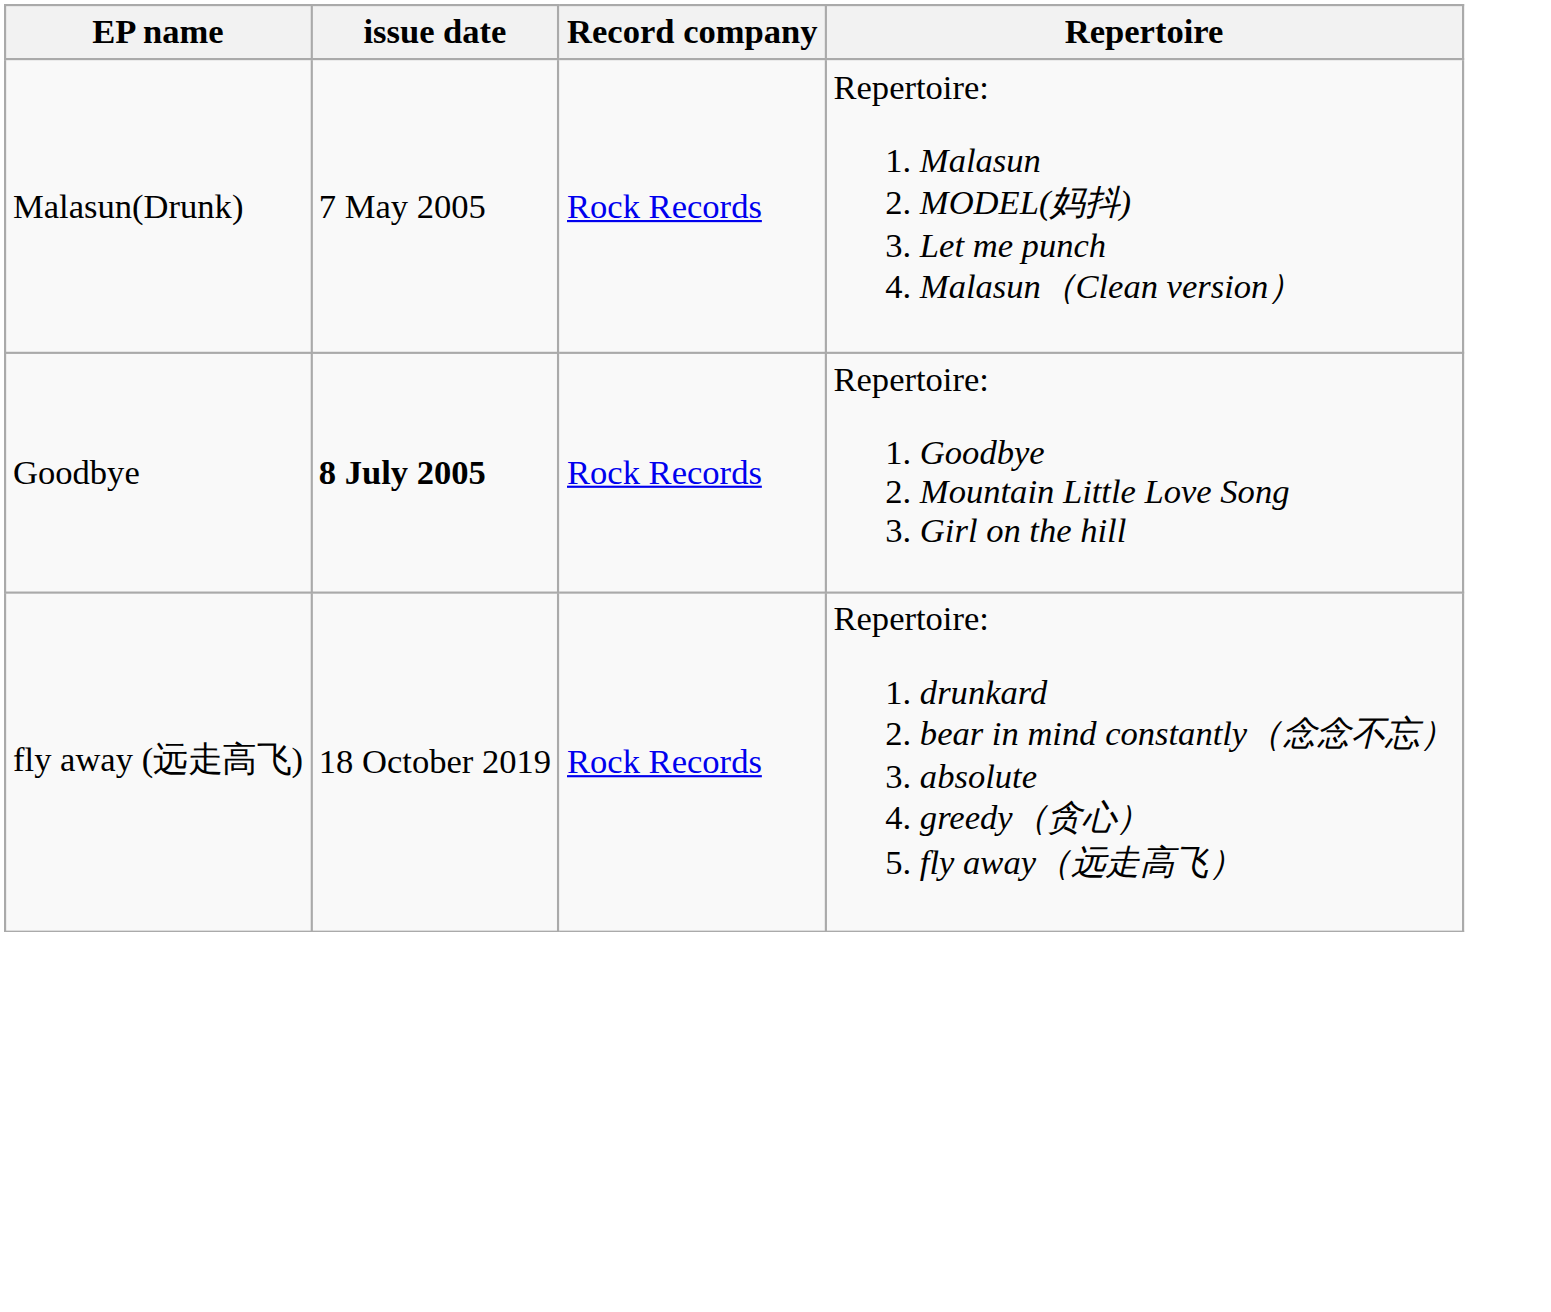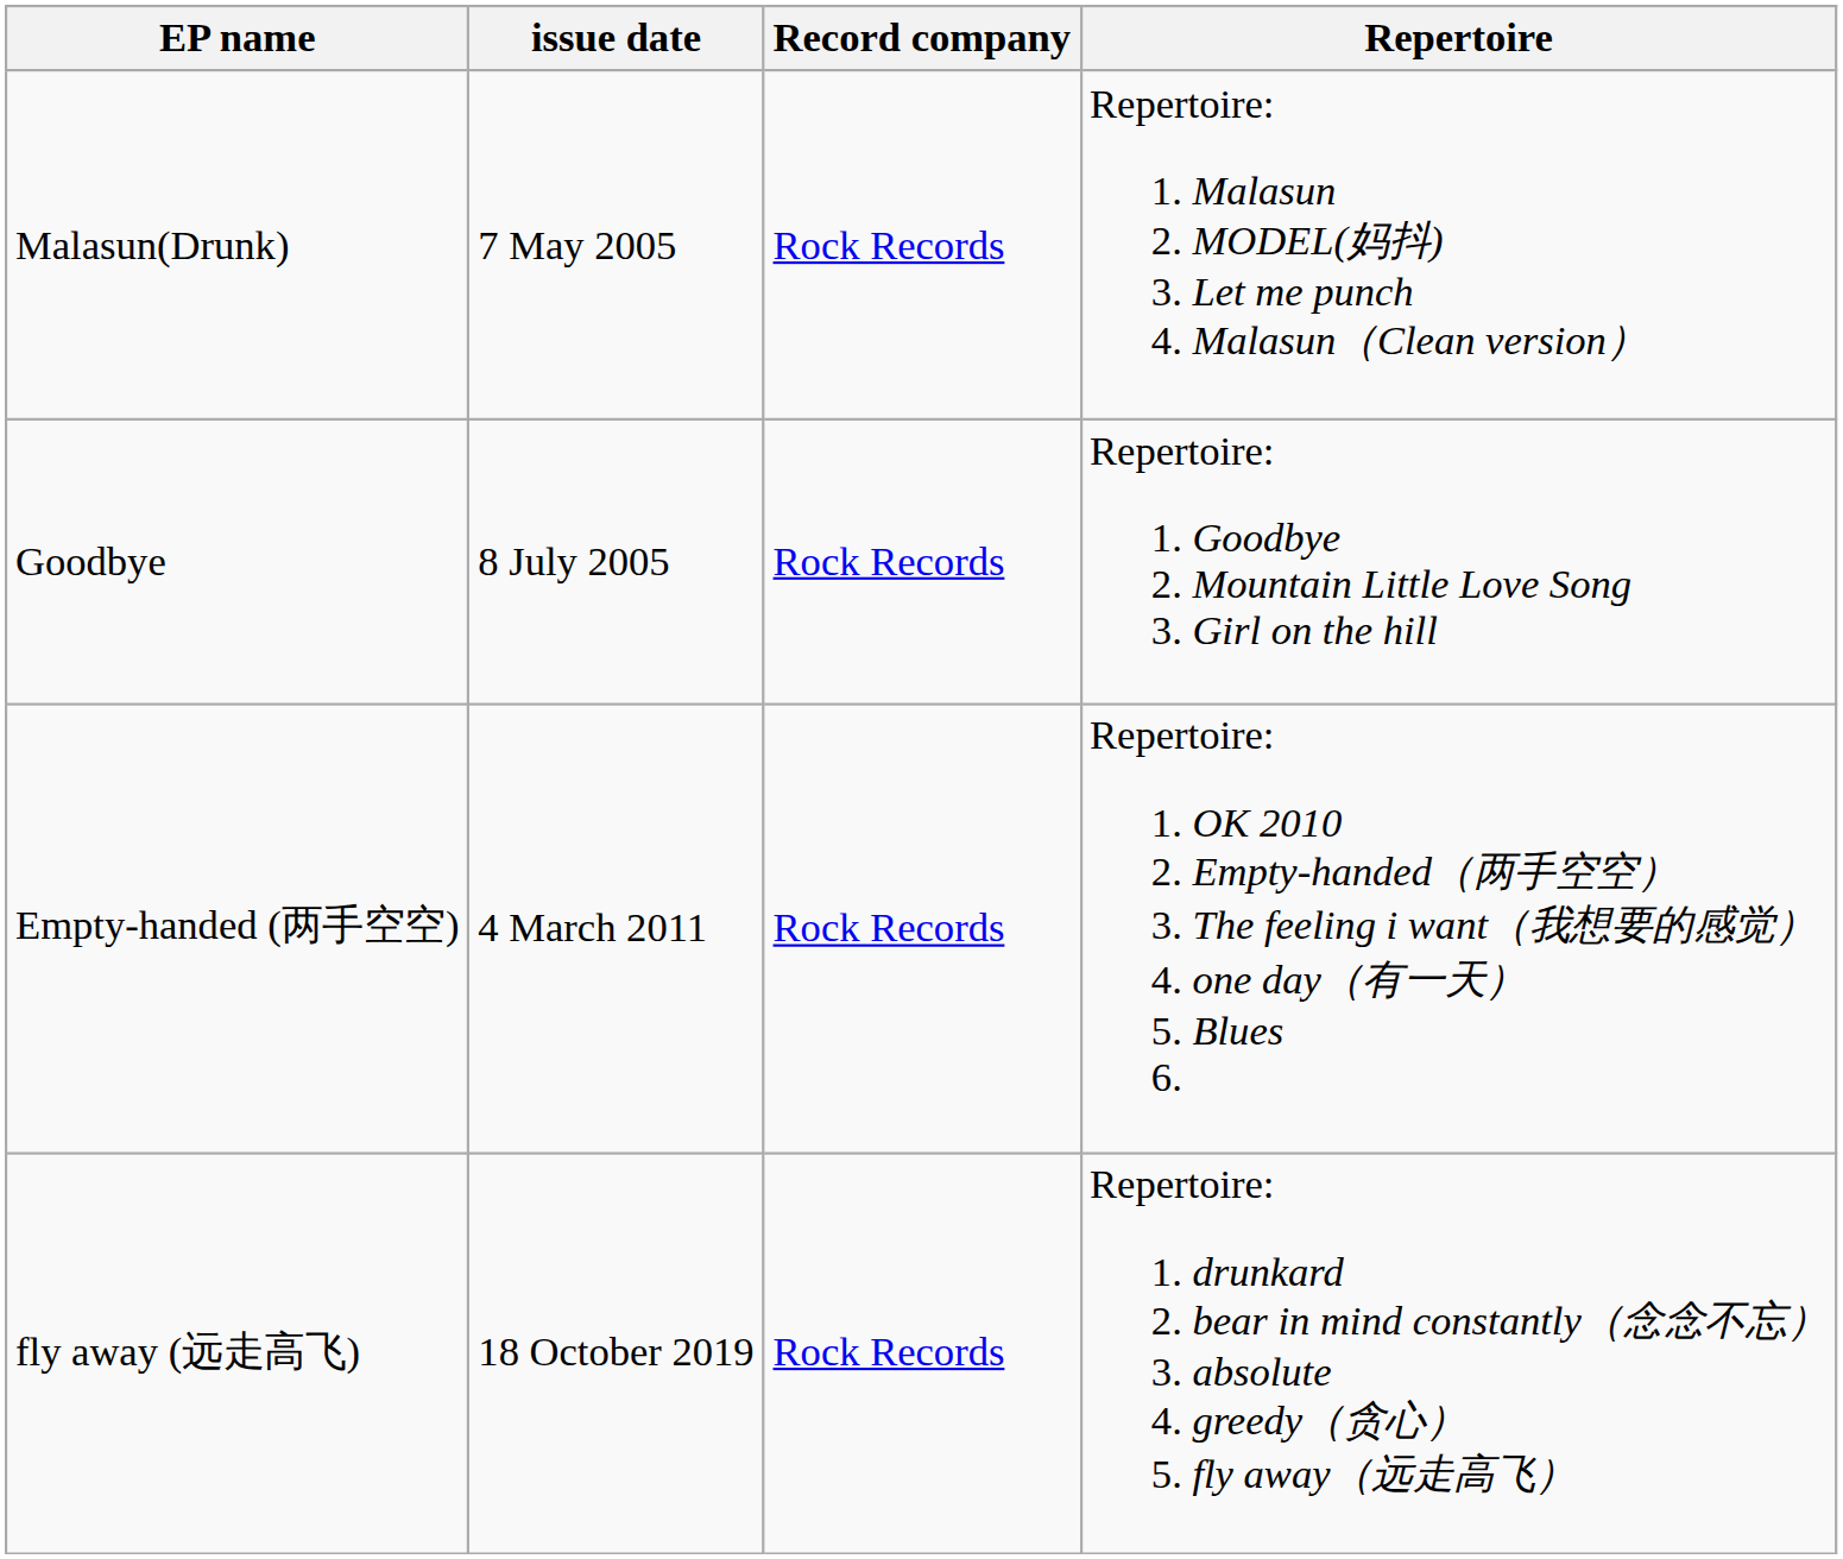 <table class="wikitable">
 <tr>
 <th>EP name</th>
 <th>issue date</th>
 <th>Record company</th>
 <th>Repertoire</th>
 </tr>
 <tr>
 <td>Malasun(Drunk)</td>
 <td>7 May 2005</td>
 <td><a href='#'>Rock Records</a></td>
 <td>Repertoire:<br><ol><li><em>Malasun</em></li><li><em>MODEL(妈抖)</em></li><li><em>Let me punch</em></li><li><em>Malasun（Clean version）</em></li></ol></td>
 </tr>
 <tr>
 <td>Goodbye</td>
-<td><strong>8 July 2005</strong></td>
+<td>8 July 2005</td>
 <td><a href='#'>Rock Records</a></td>
 <td>Repertoire:<br><ol><li><em>Goodbye</em></li><li><em>Mountain Little Love Song</em></li><li><em>Girl on the hill</em></li></ol></td>
+</tr>
+<tr>
+<td>Empty-handed (两手空空)</td>
+<td>4 March 2011</td>
+<td><a href='#'>Rock Records</a></td>
+<td>Repertoire:<br><ol><li><em>OK 2010</em></li><li><em>Empty-handed（两手空空）</em></li><li><em>The feeling i want（我想要的感觉）</em></li><li><em>one day（有一天）</em></li><li><em>Blues</em></li><li></li></ol></td>
 </tr>
 <tr>
 <td>fly away (远走高飞)</td>
 <td>18 October 2019</td>
 <td><a href='#'>Rock Records</a></td>
 <td>Repertoire:<br><ol><li><em>drunkard</em></li><li><em>bear in mind constantly（念念不忘）</em></li><li><em>absolute</em></li><li><em>greedy（贪心）</em></li><li><em>fly away（远走高飞）</em></li></ol></td>
 </tr>
 </table>
